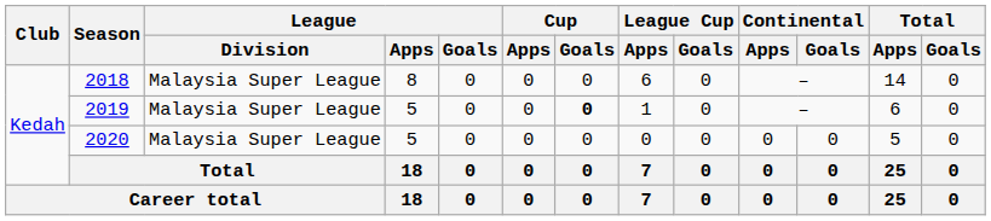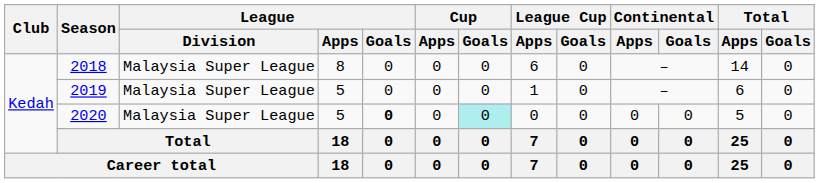 <table class=wikitable style="text-align:center">
 <tr>
 <th rowspan=2>Club</th>
 <th rowspan=2>Season</th>
 <th colspan=3>League</th>
 <th colspan=2>Cup</th>
 <th colspan=2>League Cup</th>
 <th colspan=2>Continental</th>
 <th colspan=2>Total</th>
 </tr>
 <tr>
 <th>Division</th>
 <th>Apps</th>
 <th>Goals</th>
 <th>Apps</th>
 <th>Goals</th>
 <th>Apps</th>
 <th>Goals</th>
 <th>Apps</th>
 <th>Goals</th>
 <th>Apps</th>
 <th>Goals</th>
 </tr>
 <tr>
 <td rowspan="4"><a href='#'>Kedah</a></td>
 <td><a href='#'>2018</a></td>
 <td>Malaysia Super League</td>
 <td>8</td>
 <td>0</td>
 <td>0</td>
 <td>0</td>
 <td>6</td>
 <td>0</td>
 <td colspan="2">–</td>
 <td>14</td>
 <td>0</td>
 </tr>
 <tr>
 <td><a href='#'>2019</a></td>
 <td>Malaysia Super League</td>
 <td>5</td>
 <td>0</td>
 <td>0</td>
-<td><strong>0</strong></td>
+<td>0</td>
 <td>1</td>
 <td>0</td>
 <td colspan="2">–</td>
 <td>6</td>
 <td>0</td>
 </tr>
 <tr>
 <td><a href='#'>2020</a></td>
 <td>Malaysia Super League</td>
 <td>5</td>
+<td><strong>0</strong></td>
 <td>0</td>
-<td>0</td>
-<td>0</td>
+<td style="background: paleturquoise;">0</td>
 <td>0</td>
 <td>0</td>
 <td>0</td>
 <td>0</td>
 <td>5</td>
 <td>0</td>
 </tr>
 <tr>
 <th colspan=2>Total</th>
 <th>18</th>
 <th>0</th>
 <th>0</th>
 <th>0</th>
 <th>7</th>
 <th>0</th>
 <th>0</th>
 <th>0</th>
 <th>25</th>
 <th>0</th>
 </tr>
 <tr>
 <th colspan=3>Career total</th>
 <th>18</th>
 <th>0</th>
 <th>0</th>
 <th>0</th>
 <th>7</th>
 <th>0</th>
 <th>0</th>
 <th>0</th>
 <th>25</th>
 <th>0</th>
 </tr>
 </table>
